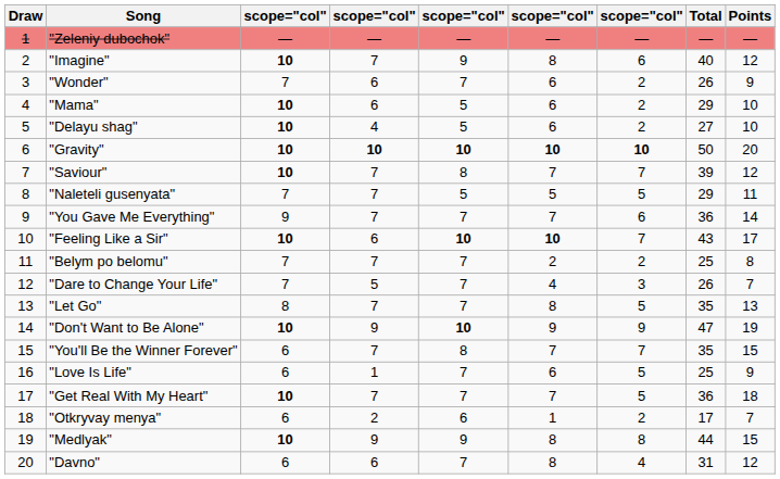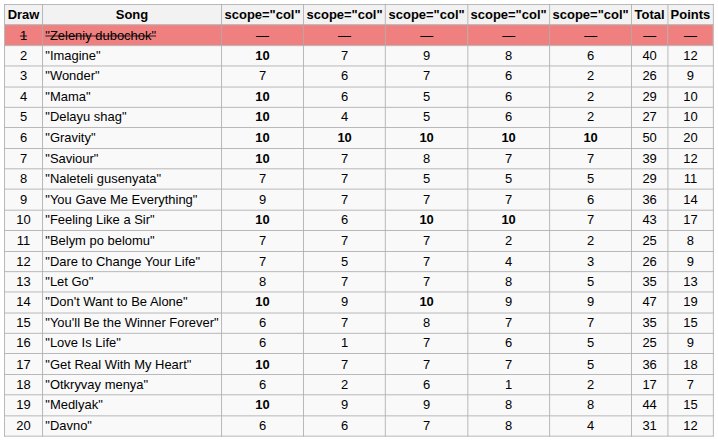 <table class="wikitable collapsible" style="margin: 1em auto 1em auto; text-align:center">
 <tr>
 <th>Draw</th>
 <th>Song</th>
 <th>scope="col" </th>
 <th>scope="col" </th>
 <th>scope="col" </th>
 <th>scope="col" </th>
 <th>scope="col" </th>
 <th>Total</th>
 <th>Points</th>
 </tr>
 <tr bgcolor="#F08080">
 <td><s>1</s></td>
 <td align="left"><s>"Zeleniy dubochok"</s></td>
 <td>—</td>
 <td>—</td>
 <td>—</td>
 <td>—</td>
 <td>—</td>
 <td>—</td>
 <td>—</td>
 </tr>
 <tr>
 <td>2</td>
 <td align="left">"Imagine"</td>
 <td><strong>10</strong></td>
 <td>7</td>
 <td>9</td>
 <td>8</td>
 <td>6</td>
 <td>40</td>
 <td>12</td>
 </tr>
 <tr>
 <td>3</td>
 <td align="left">"Wonder"</td>
 <td>7</td>
 <td>6</td>
 <td>7</td>
 <td>6</td>
 <td>2</td>
 <td>26</td>
 <td>9</td>
 </tr>
 <tr>
 <td>4</td>
 <td align="left">"Mama"</td>
 <td><strong>10</strong></td>
 <td>6</td>
 <td>5</td>
 <td>6</td>
 <td>2</td>
 <td>29</td>
 <td>10</td>
 </tr>
 <tr>
 <td>5</td>
 <td align="left">"Delayu shag"</td>
 <td><strong>10</strong></td>
 <td>4</td>
 <td>5</td>
 <td>6</td>
 <td>2</td>
 <td>27</td>
 <td>10</td>
 </tr>
 <tr>
 <td>6</td>
 <td align="left">"Gravity"</td>
 <td><strong>10</strong></td>
 <td><strong>10</strong></td>
 <td><strong>10</strong></td>
 <td><strong>10</strong></td>
 <td><strong>10</strong></td>
 <td>50</td>
 <td>20</td>
 </tr>
 <tr>
 <td>7</td>
 <td align="left">"Saviour"</td>
 <td><strong>10</strong></td>
 <td>7</td>
 <td>8</td>
 <td>7</td>
 <td>7</td>
 <td>39</td>
 <td>12</td>
 </tr>
 <tr>
 <td>8</td>
 <td align="left">"Naleteli gusenyata"</td>
 <td>7</td>
 <td>7</td>
 <td>5</td>
 <td>5</td>
 <td>5</td>
 <td>29</td>
 <td>11</td>
 </tr>
 <tr>
 <td>9</td>
 <td align="left">"You Gave Me Everything"</td>
 <td>9</td>
 <td>7</td>
 <td>7</td>
 <td>7</td>
 <td>6</td>
 <td>36</td>
 <td>14</td>
 </tr>
 <tr>
 <td>10</td>
 <td align="left">"Feeling Like a Sir"</td>
 <td><strong>10</strong></td>
 <td>6</td>
 <td><strong>10</strong></td>
 <td><strong>10</strong></td>
 <td>7</td>
 <td>43</td>
 <td>17</td>
 </tr>
 <tr>
 <td>11</td>
 <td align="left">"Belym po belomu"</td>
 <td>7</td>
 <td>7</td>
 <td>7</td>
 <td>2</td>
 <td>2</td>
 <td>25</td>
 <td>8</td>
 </tr>
 <tr>
 <td>12</td>
 <td align="left">"Dare to Change Your Life"</td>
 <td>7</td>
 <td>5</td>
 <td>7</td>
 <td>4</td>
 <td>3</td>
 <td>26</td>
-<td>7</td>
+<td>9</td>
 </tr>
 <tr>
 <td>13</td>
 <td align="left">"Let Go"</td>
 <td>8</td>
 <td>7</td>
 <td>7</td>
 <td>8</td>
 <td>5</td>
 <td>35</td>
 <td>13</td>
 </tr>
 <tr>
 <td>14</td>
 <td align="left">"Don't Want to Be Alone"</td>
 <td><strong>10</strong></td>
 <td>9</td>
 <td><strong>10</strong></td>
 <td>9</td>
 <td>9</td>
 <td>47</td>
 <td>19</td>
 </tr>
 <tr>
 <td>15</td>
 <td align="left">"You'll Be the Winner Forever"</td>
 <td>6</td>
 <td>7</td>
 <td>8</td>
 <td>7</td>
 <td>7</td>
 <td>35</td>
 <td>15</td>
 </tr>
 <tr>
 <td>16</td>
 <td align="left">"Love Is Life"</td>
 <td>6</td>
 <td>1</td>
 <td>7</td>
 <td>6</td>
 <td>5</td>
 <td>25</td>
 <td>9</td>
 </tr>
 <tr>
 <td>17</td>
 <td align="left">"Get Real With My Heart"</td>
 <td><strong>10</strong></td>
 <td>7</td>
 <td>7</td>
 <td>7</td>
 <td>5</td>
 <td>36</td>
 <td>18</td>
 </tr>
 <tr>
 <td>18</td>
 <td align="left">"Otkryvay menya"</td>
 <td>6</td>
 <td>2</td>
 <td>6</td>
 <td>1</td>
 <td>2</td>
 <td>17</td>
 <td>7</td>
 </tr>
 <tr>
 <td>19</td>
 <td align="left">"Medlyak"</td>
 <td><strong>10</strong></td>
 <td>9</td>
 <td>9</td>
 <td>8</td>
 <td>8</td>
 <td>44</td>
 <td>15</td>
 </tr>
 <tr>
 <td>20</td>
 <td align="left">"Davno"</td>
 <td>6</td>
 <td>6</td>
 <td>7</td>
 <td>8</td>
 <td>4</td>
 <td>31</td>
 <td>12</td>
 </tr>
 </table>
